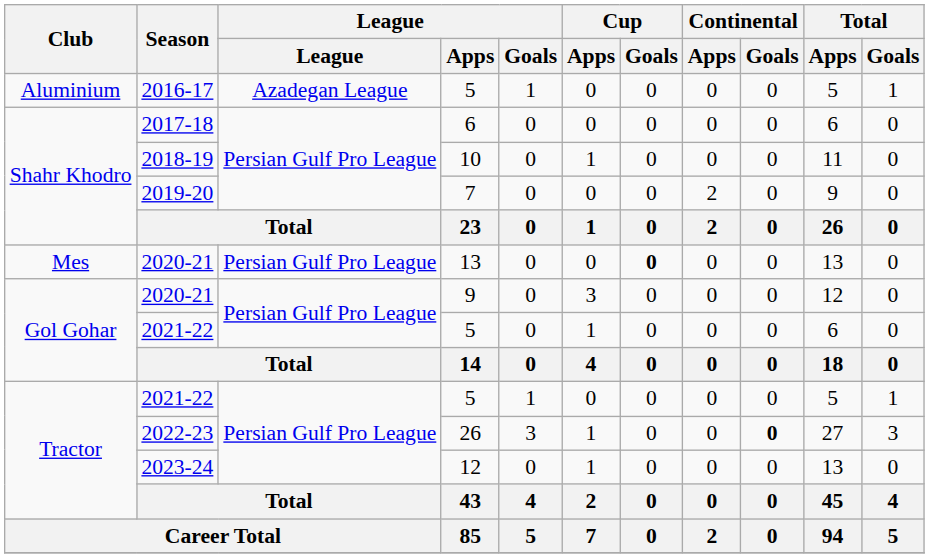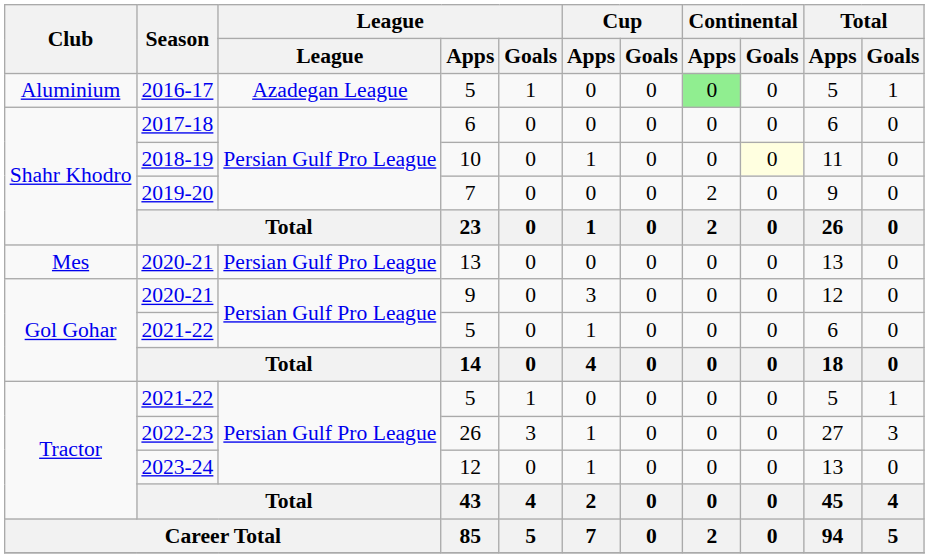 <table class="wikitable"style="text-align: center;">
 <tr>
 <th rowspan=2>Club</th>
 <th rowspan=2>Season</th>
 <th colspan=3>League</th>
 <th colspan=2>Cup</th>
 <th colspan=2>Continental</th>
 <th colspan=2>Total</th>
 </tr>
 <tr>
 <th>League</th>
 <th>Apps</th>
 <th>Goals</th>
 <th>Apps</th>
 <th>Goals</th>
 <th>Apps</th>
 <th>Goals</th>
 <th>Apps</th>
 <th>Goals</th>
 </tr>
 <tr>
 <td><a href='#'>Aluminium</a></td>
 <td><a href='#'>2016-17</a></td>
 <td><a href='#'>Azadegan League</a></td>
 <td>5</td>
 <td>1</td>
 <td>0</td>
 <td>0</td>
-<td>0</td>
+<td style="background: lightgreen;">0</td>
 <td>0</td>
 <td>5</td>
 <td>1</td>
 </tr>
 <tr>
 <td rowspan="4"><a href='#'>Shahr Khodro</a></td>
 <td><a href='#'>2017-18</a></td>
 <td rowspan="3"><a href='#'>Persian Gulf Pro League</a></td>
 <td>6</td>
 <td>0</td>
 <td>0</td>
 <td>0</td>
 <td>0</td>
 <td>0</td>
 <td>6</td>
 <td>0</td>
 </tr>
 <tr>
 <td><a href='#'>2018-19</a></td>
 <td>10</td>
 <td>0</td>
 <td>1</td>
 <td>0</td>
 <td>0</td>
-<td>0</td>
+<td style="background: lightyellow;">0</td>
 <td>11</td>
 <td>0</td>
 </tr>
 <tr>
 <td><a href='#'>2019-20</a></td>
 <td>7</td>
 <td>0</td>
 <td>0</td>
 <td>0</td>
 <td>2</td>
 <td>0</td>
 <td>9</td>
 <td>0</td>
 </tr>
 <tr>
 <th colspan=2>Total</th>
 <th>23</th>
 <th>0</th>
 <th>1</th>
 <th>0</th>
 <th>2</th>
 <th>0</th>
 <th>26</th>
 <th>0</th>
 </tr>
 <tr>
 <td><a href='#'>Mes</a></td>
 <td><a href='#'>2020-21</a></td>
 <td><a href='#'>Persian Gulf Pro League</a></td>
 <td>13</td>
 <td>0</td>
 <td>0</td>
-<td><strong>0</strong></td>
+<td>0</td>
 <td>0</td>
 <td>0</td>
 <td>13</td>
 <td>0</td>
 </tr>
 <tr>
 <td rowspan="3"><a href='#'>Gol Gohar</a></td>
 <td><a href='#'>2020-21</a></td>
 <td rowspan="2"><a href='#'>Persian Gulf Pro League</a></td>
 <td>9</td>
 <td>0</td>
 <td>3</td>
 <td>0</td>
 <td>0</td>
 <td>0</td>
 <td>12</td>
 <td>0</td>
 </tr>
 <tr>
 <td><a href='#'>2021-22</a></td>
 <td>5</td>
 <td>0</td>
 <td>1</td>
 <td>0</td>
 <td>0</td>
 <td>0</td>
 <td>6</td>
 <td>0</td>
 </tr>
 <tr>
 <th colspan=2>Total</th>
 <th>14</th>
 <th>0</th>
 <th>4</th>
 <th>0</th>
 <th>0</th>
 <th>0</th>
 <th>18</th>
 <th>0</th>
 </tr>
 <tr>
 <td rowspan="4"><a href='#'>Tractor</a></td>
 <td><a href='#'>2021-22</a></td>
 <td rowspan="3"><a href='#'>Persian Gulf Pro League</a></td>
 <td>5</td>
 <td>1</td>
 <td>0</td>
 <td>0</td>
 <td>0</td>
 <td>0</td>
 <td>5</td>
 <td>1</td>
 </tr>
 <tr>
 <td><a href='#'>2022-23</a></td>
 <td>26</td>
 <td>3</td>
 <td>1</td>
 <td>0</td>
 <td>0</td>
-<td><strong>0</strong></td>
+<td>0</td>
 <td>27</td>
 <td>3</td>
 </tr>
 <tr>
 <td><a href='#'>2023-24</a></td>
 <td>12</td>
 <td>0</td>
 <td>1</td>
 <td>0</td>
 <td>0</td>
 <td>0</td>
 <td>13</td>
 <td>0</td>
 </tr>
 <tr>
 <th colspan=2>Total</th>
 <th>43</th>
 <th>4</th>
 <th>2</th>
 <th>0</th>
 <th>0</th>
 <th>0</th>
 <th>45</th>
 <th>4</th>
 </tr>
 <tr>
 <th colspan=3>Career Total</th>
 <th>85</th>
 <th>5</th>
 <th>7</th>
 <th>0</th>
 <th>2</th>
 <th>0</th>
 <th>94</th>
 <th>5</th>
 </tr>
 <tr>
 </tr>
 </table>
